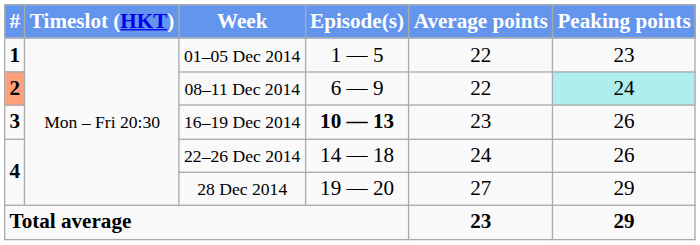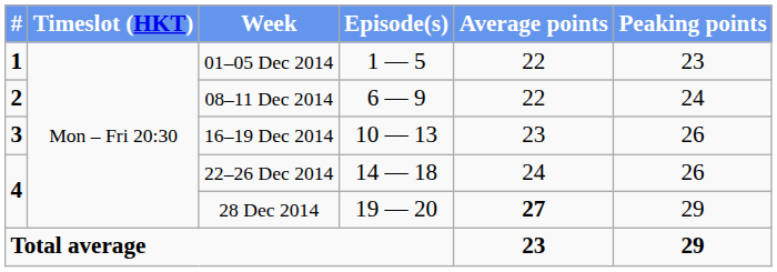 <table class="wikitable" style="text-align:center;">
 <tr style="background:cornflowerblue; color:white">
 <th style="background:cornflowerblue; color:white">#</th>
 <th style="background:cornflowerblue; color:white">Timeslot (<a href='#'>HKT</a>)</th>
 <th style="background:cornflowerblue; color:white">Week</th>
 <th style="background:cornflowerblue; color:white">Episode(s)</th>
 <th style="background:cornflowerblue; color:white">Average points</th>
 <th style="background:cornflowerblue; color:white">Peaking points</th>
 </tr>
 <tr>
 <td><strong>1</strong></td>
 <td rowspan="5"><small>Mon – Fri 20:30</small></td>
 <td><small>01–05 Dec 2014</small></td>
 <td>1 — 5</td>
 <td>22</td>
 <td>23</td>
 </tr>
 <tr>
-<td style="background: lightsalmon;"><strong>2</strong></td>
+<td><strong>2</strong></td>
 <td><small>08–11 Dec 2014</small></td>
 <td>6 — 9</td>
 <td>22</td>
-<td style="background: paleturquoise;">24</td>
+<td>24</td>
 </tr>
 <tr>
 <td><strong>3</strong></td>
 <td><small>16–19 Dec 2014</small></td>
-<td><strong>10 — 13</strong></td>
+<td>10 — 13</td>
 <td>23</td>
 <td>26</td>
 </tr>
 <tr>
 <td rowspan=2><strong>4</strong></td>
 <td><small>22–26 Dec 2014</small></td>
 <td>14 — 18</td>
 <td>24</td>
 <td>26</td>
 </tr>
 <tr>
 <td><small>28 Dec 2014</small></td>
 <td>19 — 20</td>
-<td>27</td>
+<td><strong>27</strong></td>
 <td>29</td>
 </tr>
 <tr>
 <td colspan="4" style="text-align:left;"><strong>Total average</strong></td>
 <td><strong>23</strong></td>
 <td><strong>29</strong></td>
 </tr>
 </table>
